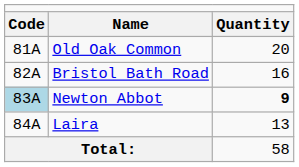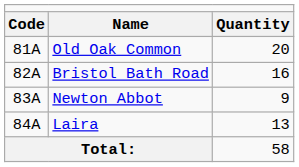 <table class="wikitable floatright">
 <tr>
 <td colspan=3></td>
 </tr>
 <tr>
 <th>Code</th>
 <th>Name</th>
 <th>Quantity</th>
 </tr>
 <tr>
 <td style="text-align:center">81A</td>
 <td><a href='#'>Old Oak Common</a></td>
 <td style="text-align:right">20</td>
 </tr>
 <tr>
 <td style="text-align:center">82A</td>
 <td><a href='#'>Bristol Bath Road</a></td>
 <td style="text-align:right">16</td>
 </tr>
 <tr>
-<td style="background: lightblue; text-align:center">83A</td>
+<td style="text-align:center">83A</td>
 <td><a href='#'>Newton Abbot</a></td>
-<td style="text-align:right"><strong>9</strong></td>
+<td style="text-align:right">9</td>
 </tr>
 <tr>
 <td style="text-align:center">84A</td>
 <td><a href='#'>Laira</a></td>
 <td style="text-align:right">13</td>
 </tr>
 <tr>
 <th colspan=2 scope=row>Total:</th>
 <td style="text-align:right">58</td>
 </tr>
 </table>
